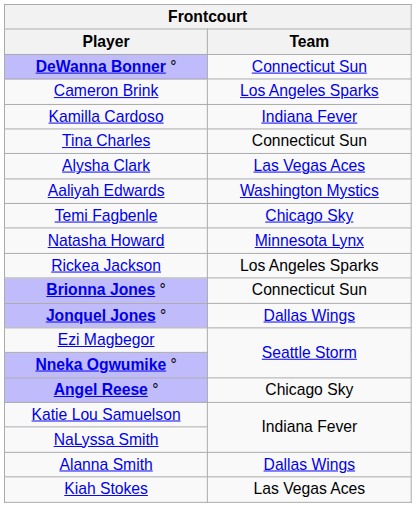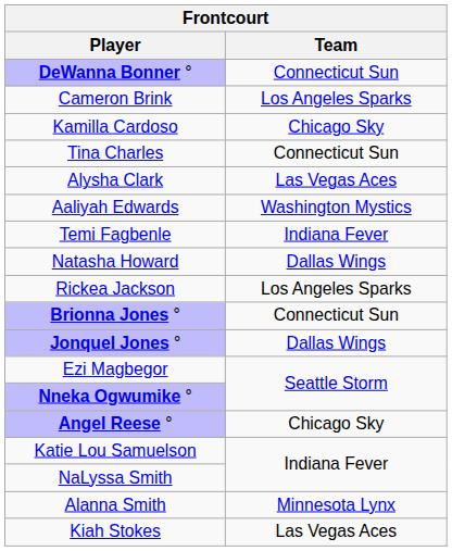 <table class="wikitable sortable" style="text-align:center">
 <tr>
 <th scope="col" colspan=2>Frontcourt</th>
 </tr>
 <tr>
 <th scope="col" width="200px">Player</th>
 <th scope="col" width="200px">Team</th>
 </tr>
 <tr>
 <td style="background:#c0bbfa;"><strong><a href='#'>DeWanna Bonner</a></strong> °</td>
 <td><a href='#'>Connecticut Sun</a></td>
 </tr>
 <tr>
 <td><a href='#'>Cameron Brink</a></td>
 <td><a href='#'>Los Angeles Sparks</a></td>
 </tr>
 <tr>
 <td><a href='#'>Kamilla Cardoso</a></td>
-<td><a href='#'>Indiana Fever</a></td>
+<td><a href='#'>Chicago Sky</a></td>
 </tr>
 <tr>
 <td><a href='#'>Tina Charles</a></td>
 <td>Connecticut Sun</td>
 </tr>
 <tr>
 <td><a href='#'>Alysha Clark</a></td>
 <td><a href='#'>Las Vegas Aces</a></td>
 </tr>
 <tr>
 <td><a href='#'>Aaliyah Edwards</a></td>
 <td><a href='#'>Washington Mystics</a></td>
 </tr>
 <tr>
 <td><a href='#'>Temi Fagbenle</a></td>
-<td><a href='#'>Chicago Sky</a></td>
+<td><a href='#'>Indiana Fever</a></td>
 </tr>
 <tr>
 <td><a href='#'>Natasha Howard</a></td>
-<td><a href='#'>Minnesota Lynx</a></td>
+<td><a href='#'>Dallas Wings</a></td>
 </tr>
 <tr>
 <td><a href='#'>Rickea Jackson</a></td>
 <td>Los Angeles Sparks</td>
 </tr>
 <tr>
 <td style="background:#c0bbfa;"><strong><a href='#'>Brionna Jones</a></strong> °</td>
 <td>Connecticut Sun</td>
 </tr>
 <tr>
 <td style="background:#c0bbfa;"><strong><a href='#'>Jonquel Jones</a></strong> °</td>
 <td><a href='#'>Dallas Wings</a></td>
 </tr>
 <tr>
 <td><a href='#'>Ezi Magbegor</a></td>
 <td rowspan=2><a href='#'>Seattle Storm</a></td>
 </tr>
 <tr>
 <td style="background:#c0bbfa;"><strong><a href='#'>Nneka Ogwumike</a></strong> °</td>
 </tr>
 <tr>
 <td style="background:#c0bbfa;"><strong><a href='#'>Angel Reese</a></strong> °</td>
 <td>Chicago Sky</td>
 </tr>
 <tr>
 <td><a href='#'>Katie Lou Samuelson</a></td>
 <td rowspan=2>Indiana Fever</td>
 </tr>
 <tr>
 <td><a href='#'>NaLyssa Smith</a></td>
 </tr>
 <tr>
 <td><a href='#'>Alanna Smith</a></td>
-<td><a href='#'>Dallas Wings</a></td>
+<td><a href='#'>Minnesota Lynx</a></td>
 </tr>
 <tr>
 <td><a href='#'>Kiah Stokes</a></td>
 <td>Las Vegas Aces</td>
 </tr>
 </table>
